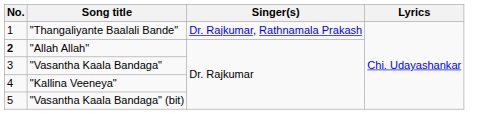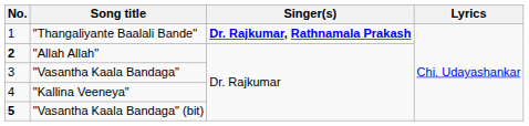 <table class="wikitable">
 <tr>
 <th>No.</th>
 <th>Song title</th>
 <th>Singer(s)</th>
 <th>Lyrics</th>
 </tr>
 <tr>
 <td>1</td>
 <td>"Thangaliyante Baalali Bande"</td>
-<td><a href='#'>Dr. Rajkumar</a>, <a href='#'>Rathnamala Prakash</a></td>
+<td><strong><a href='#'>Dr. Rajkumar</a>, <a href='#'>Rathnamala Prakash</a></strong></td>
 <td rowspan=5><a href='#'>Chi. Udayashankar</a></td>
 </tr>
 <tr>
 <td><strong>2</strong></td>
 <td>"Allah Allah"</td>
 <td rowspan=4>Dr. Rajkumar</td>
 </tr>
 <tr>
 <td>3</td>
 <td>"Vasantha Kaala Bandaga"</td>
 </tr>
 <tr>
 <td>4</td>
 <td>"Kallina Veeneya"</td>
 </tr>
 <tr>
-<td>5</td>
+<td><strong>5</strong></td>
 <td>"Vasantha Kaala Bandaga" (bit)</td>
 </tr>
 </table>
